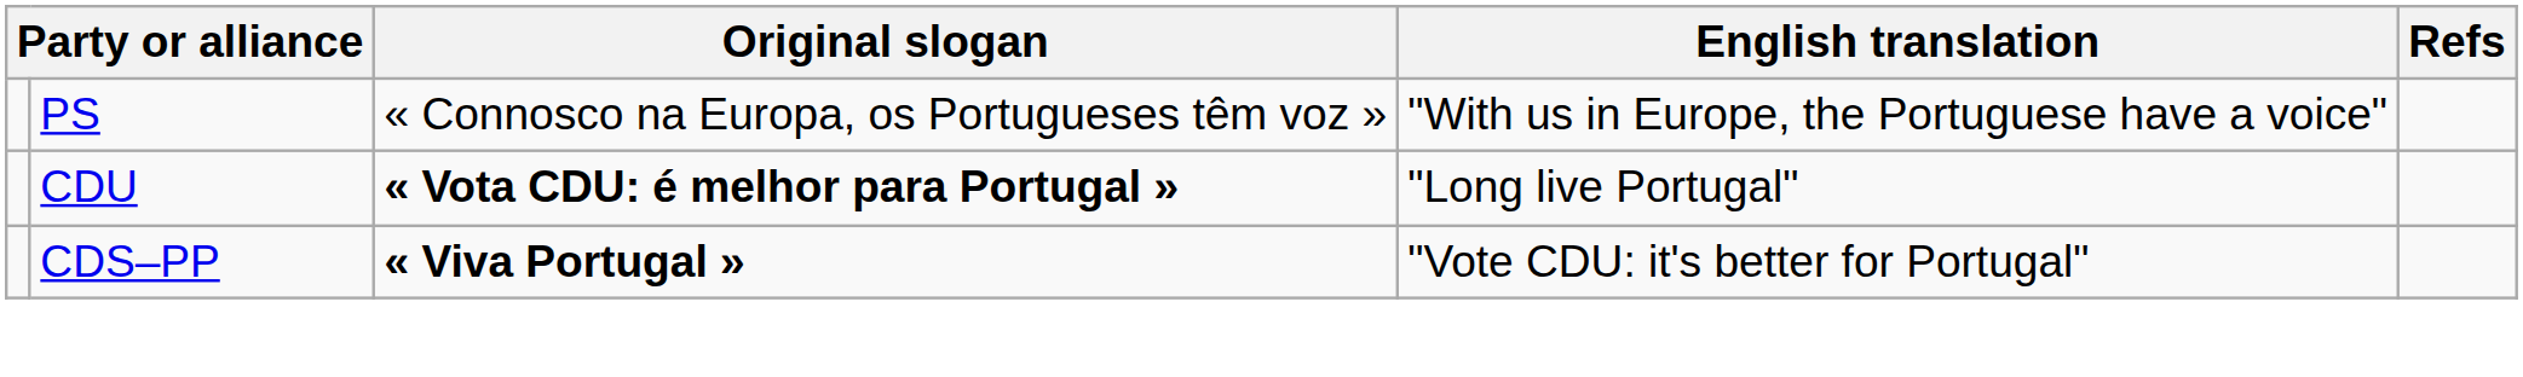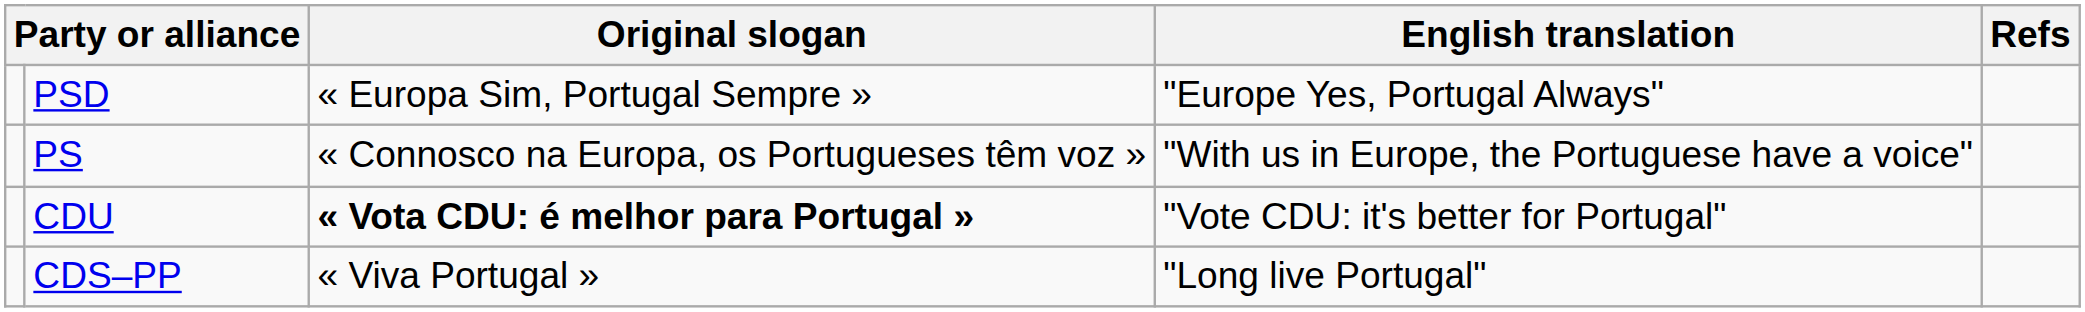 <table class="wikitable" style="font-size:97%; text-align:left;">
 <tr>
 <th style="text-align:left;" colspan="2">Party or alliance</th>
 <th>Original slogan</th>
 <th>English translation</th>
 <th>Refs</th>
+</tr>
+<tr>
+<td style="color:inherit;background:"></td>
+<td><a href='#'>PSD</a></td>
+<td>« Europa Sim, Portugal Sempre »</td>
+<td>"Europe Yes, Portugal Always"</td>
+<td></td>
 </tr>
 <tr>
 <td width="1" style="color:inherit;background:"></td>
 <td><a href='#'>PS</a></td>
 <td>« Connosco na Europa, os Portugueses têm voz »</td>
 <td>"With us in Europe, the Portuguese have a voice"</td>
 <td></td>
 </tr>
 <tr>
 <td style="color:inherit;background:"></td>
 <td><a href='#'>CDU</a></td>
 <td><strong>« Vota CDU: é melhor para Portugal »</strong></td>
-<td>"Long live Portugal"</td>
+<td>"Vote CDU: it's better for Portugal"</td>
 <td></td>
 </tr>
 <tr>
 <td style="color:inherit;background:"></td>
 <td><a href='#'>CDS–PP</a></td>
-<td><strong>« Viva Portugal »</strong></td>
-<td>"Vote CDU: it's better for Portugal"</td>
+<td>« Viva Portugal »</td>
+<td>"Long live Portugal"</td>
 <td></td>
 </tr>
 </table>
